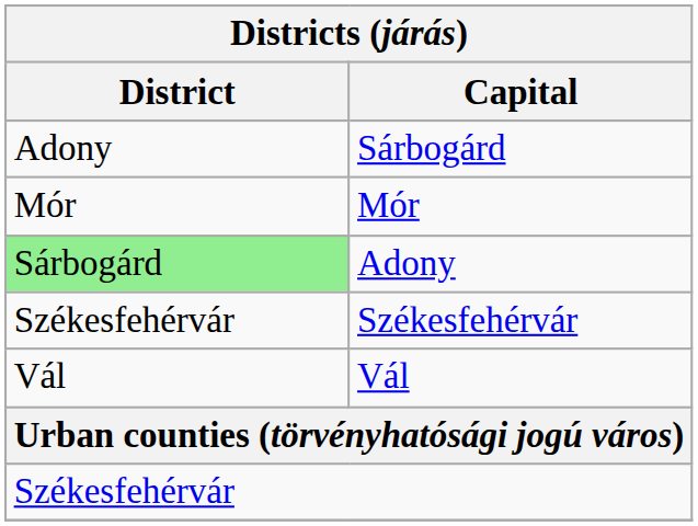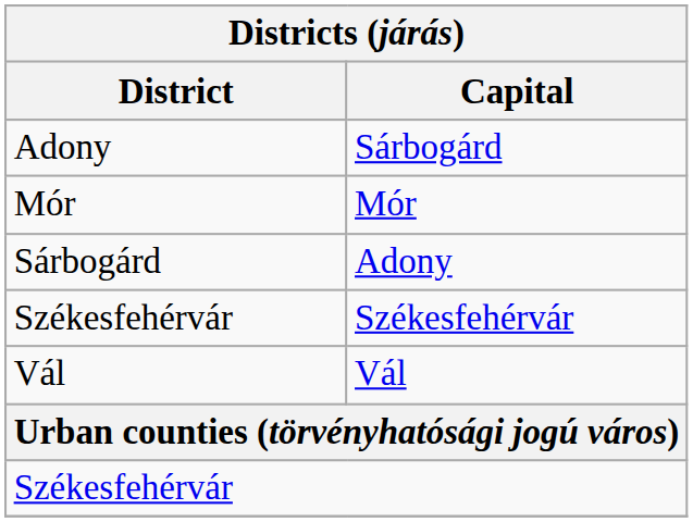 <table class="wikitable">
 <tr>
 <th colspan=2>Districts (<em>járás</em>)</th>
 </tr>
 <tr>
 <th>District</th>
 <th>Capital</th>
 </tr>
 <tr>
 <td>Adony</td>
 <td><a href='#'>Sárbogárd</a></td>
 </tr>
 <tr>
 <td>Mór</td>
 <td><a href='#'>Mór</a></td>
 </tr>
 <tr>
-<td style="background: lightgreen;">Sárbogárd</td>
+<td>Sárbogárd</td>
 <td><a href='#'>Adony</a></td>
 </tr>
 <tr>
 <td>Székesfehérvár</td>
 <td><a href='#'>Székesfehérvár</a></td>
 </tr>
 <tr>
 <td>Vál</td>
 <td><a href='#'>Vál</a></td>
 </tr>
 <tr>
 <th colspan=2>Urban counties (<em>törvényhatósági jogú város</em>)</th>
 </tr>
 <tr>
 <td colspan=2><a href='#'>Székesfehérvár</a></td>
 </tr>
 <tr>
 </tr>
 </table>
